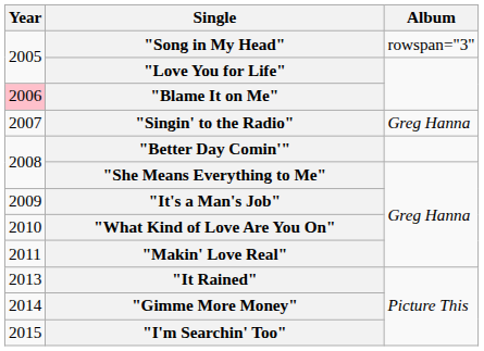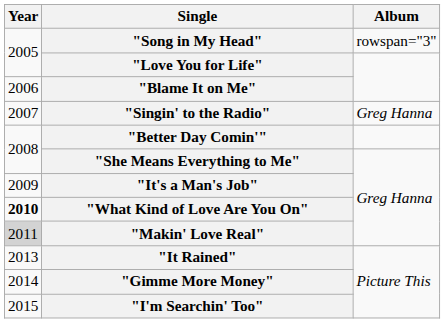 <table class="wikitable plainrowheaders">
 <tr>
 <th>Year</th>
 <th style="width:20em;">Single</th>
 <th>Album</th>
 </tr>
 <tr>
 <td rowspan="2">2005</td>
 <th scope="row">"Song in My Head"</th>
 <td>rowspan="3" </td>
 </tr>
 <tr>
 <th scope="row">"Love You for Life"</th>
 </tr>
 <tr>
-<td style="background: pink;">2006</td>
+<td>2006</td>
 <th scope="row">"Blame It on Me"</th>
 </tr>
 <tr>
 <td>2007</td>
 <th scope="row">"Singin' to the Radio"</th>
 <td><em>Greg Hanna</em></td>
 </tr>
 <tr>
 <td rowspan="2">2008</td>
 <th scope="row">"Better Day Comin'"</th>
 <td></td>
 </tr>
 <tr>
 <th scope="row">"She Means Everything to Me"</th>
 <td rowspan="4"><em>Greg Hanna</em></td>
 </tr>
 <tr>
 <td>2009</td>
 <th scope="row">"It's a Man's Job"</th>
 </tr>
 <tr>
-<td>2010</td>
+<td><strong>2010</strong></td>
 <th scope="row">"What Kind of Love Are You On"</th>
 </tr>
 <tr>
-<td>2011</td>
+<td style="background: lightgrey;">2011</td>
 <th scope="row">"Makin' Love Real"</th>
 </tr>
 <tr>
 <td>2013</td>
 <th scope="row">"It Rained"</th>
 <td rowspan="3"><em>Picture This</em></td>
 </tr>
 <tr>
 <td>2014</td>
 <th scope="row">"Gimme More Money"</th>
 </tr>
 <tr>
 <td>2015</td>
 <th scope="row">"I'm Searchin' Too"</th>
 </tr>
 </table>
